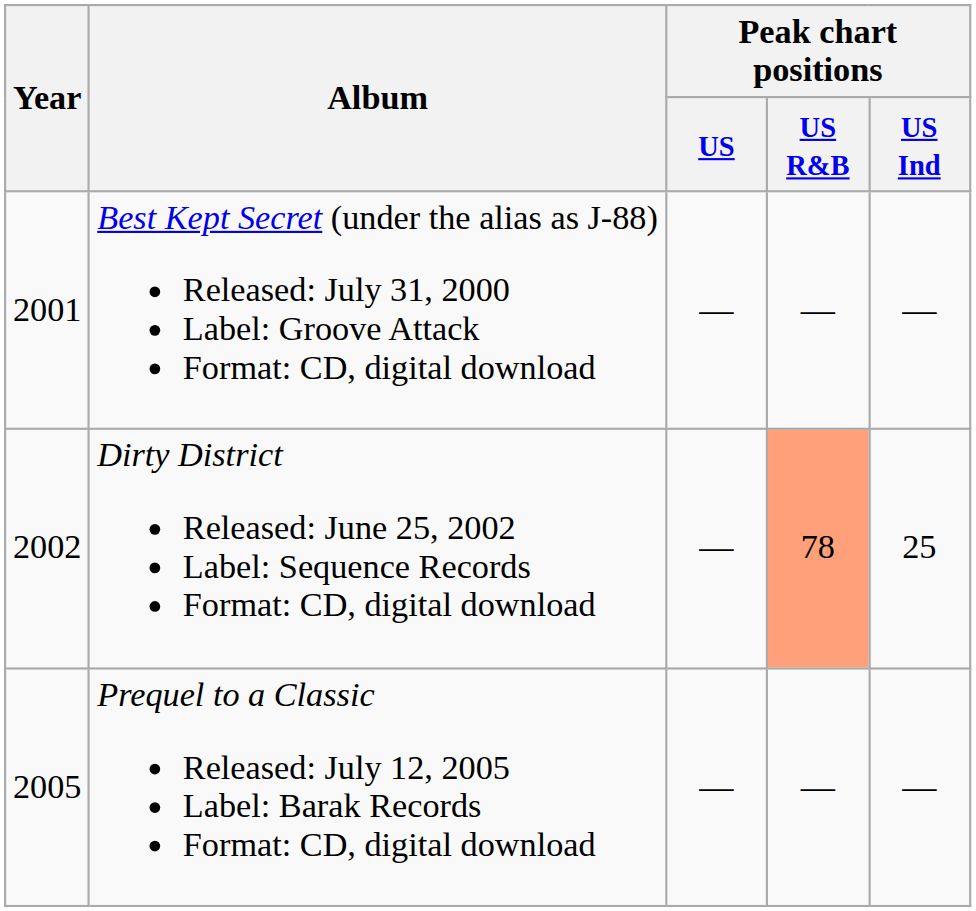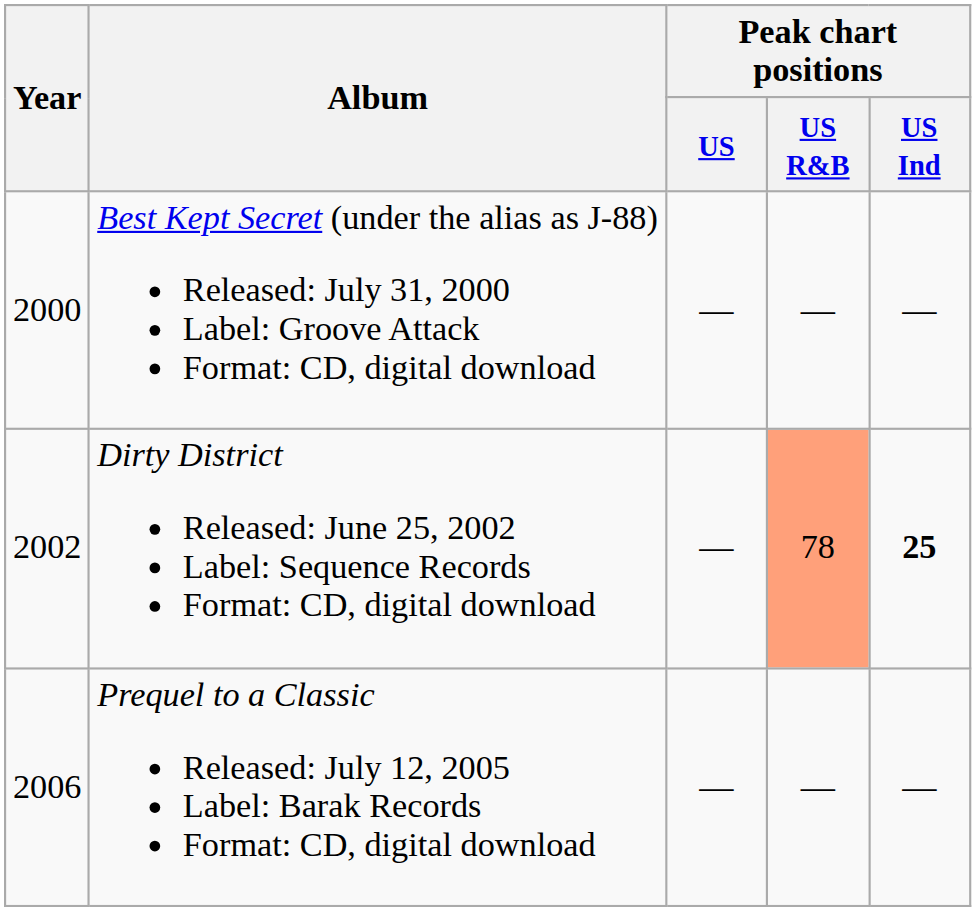 <table class="wikitable">
 <tr>
 <th style="text-align:center;" rowspan="2">Year</th>
 <th style="text-align:center;" rowspan="2">Album</th>
 <th style="text-align:center;" colspan="3">Peak chart positions</th>
 </tr>
 <tr>
 <th style="text-align:center; width:40px;"><small><a href='#'>US</a></small></th>
 <th style="text-align:center; width:40px;"><small><a href='#'>US <br>R&B</a></small></th>
 <th style="text-align:center; width:40px;"><small><a href='#'>US<br>Ind</a></small></th>
 </tr>
 <tr>
-<td style="text-align:center;">2001</td>
+<td style="text-align:center;">2000</td>
 <td style="text-align:left; vertical-align:top;"><em><a href='#'>Best Kept Secret</a></em> (under the alias as J-88)<br><ul><li>Released: July 31, 2000</li><li>Label: Groove Attack</li><li>Format: CD, digital download</li></ul></td>
 <td style="text-align:center;">—</td>
 <td style="text-align:center;">—</td>
 <td style="text-align:center;">—</td>
 </tr>
 <tr>
 <td style="text-align:center;">2002</td>
 <td style="text-align:left; vertical-align:top;"><em>Dirty District</em><br><ul><li>Released: June 25, 2002</li><li>Label: Sequence Records</li><li>Format: CD, digital download</li></ul></td>
 <td style="text-align:center;">—</td>
 <td style="background: lightsalmon; text-align:center;">78</td>
-<td style="text-align:center;">25</td>
+<td style="text-align:center;"><strong>25</strong></td>
 </tr>
 <tr>
-<td style="text-align:center;">2005</td>
+<td style="text-align:center;">2006</td>
 <td style="text-align:left; vertical-align:top;"><em>Prequel to a Classic</em><br><ul><li>Released:  July 12, 2005</li><li>Label: Barak Records</li><li>Format: CD, digital download</li></ul></td>
 <td style="text-align:center;">—</td>
 <td style="text-align:center;">—</td>
 <td style="text-align:center;">—</td>
 </tr>
 </table>
